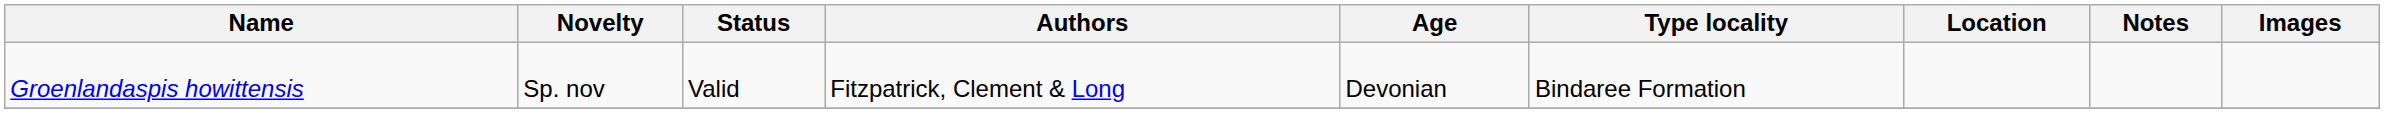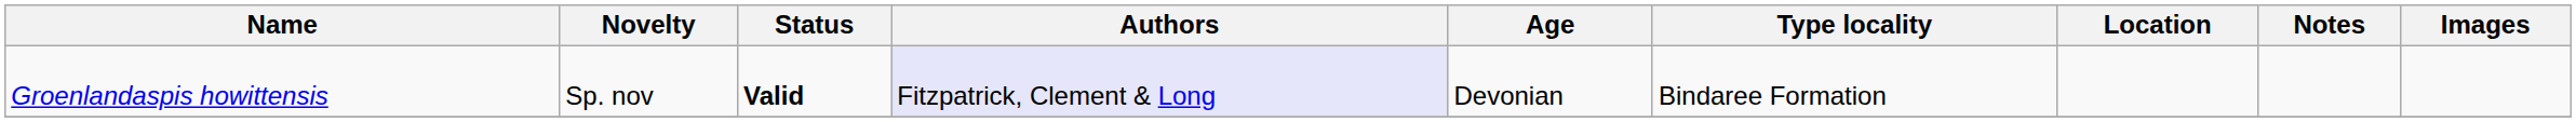 <table class="wikitable sortable" align="center" width="100%">
 <tr>
 <th>Name</th>
 <th>Novelty</th>
 <th>Status</th>
 <th>Authors</th>
 <th>Age</th>
 <th>Type locality</th>
 <th>Location</th>
 <th>Notes</th>
 <th>Images</th>
 </tr>
 <tr>
 <td><br><em><a href='#'>Groenlandaspis howittensis</a></em></td>
 <td><br>Sp. nov</td>
-<td><br>Valid</td>
-<td><br>Fitzpatrick, Clement & <a href='#'>Long</a></td>
+<td><strong><br>Valid</strong></td>
+<td style="background: lavender;"><br>Fitzpatrick, Clement & <a href='#'>Long</a></td>
 <td><br>Devonian</td>
 <td><br>Bindaree Formation</td>
 <td><br></td>
 <td></td>
 <td></td>
 </tr>
 <tr>
 </tr>
 </table>
